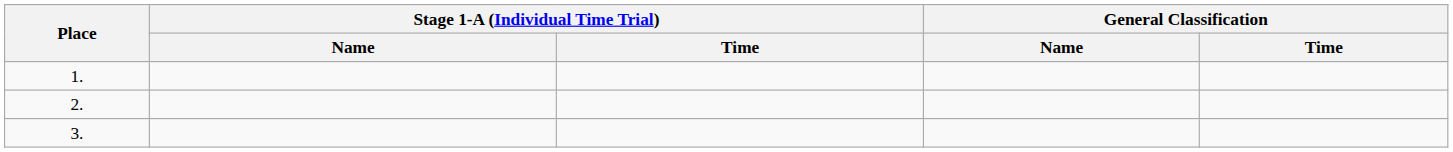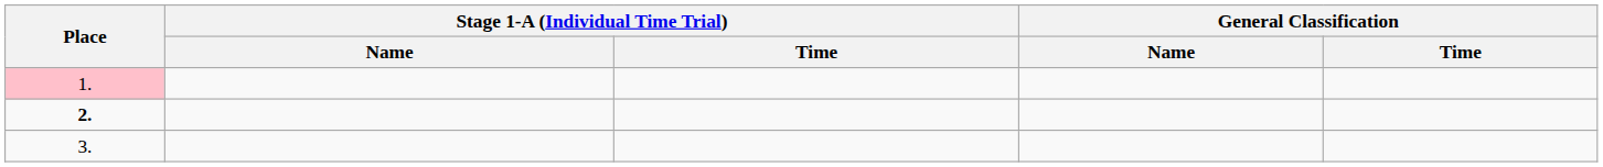 <table class=wikitable style="font-size:95%" width="80%">
 <tr>
 <th rowspan="2">Place</th>
 <th colspan="2">Stage 1-A (<a href='#'>Individual Time Trial</a>)</th>
 <th colspan="2">General Classification</th>
 </tr>
 <tr>
 <th>Name</th>
 <th>Time</th>
 <th>Name</th>
 <th>Time</th>
 </tr>
 <tr>
-<td align="center">1.</td>
+<td align="center" style="background: pink;">1.</td>
 <td></td>
 <td></td>
 <td></td>
 <td></td>
 </tr>
 <tr>
-<td align="center">2.</td>
+<td align="center"><strong>2.</strong></td>
 <td></td>
 <td></td>
 <td></td>
 <td></td>
 </tr>
 <tr>
 <td align="center">3.</td>
 <td></td>
 <td></td>
 <td></td>
 <td></td>
 </tr>
 </table>
